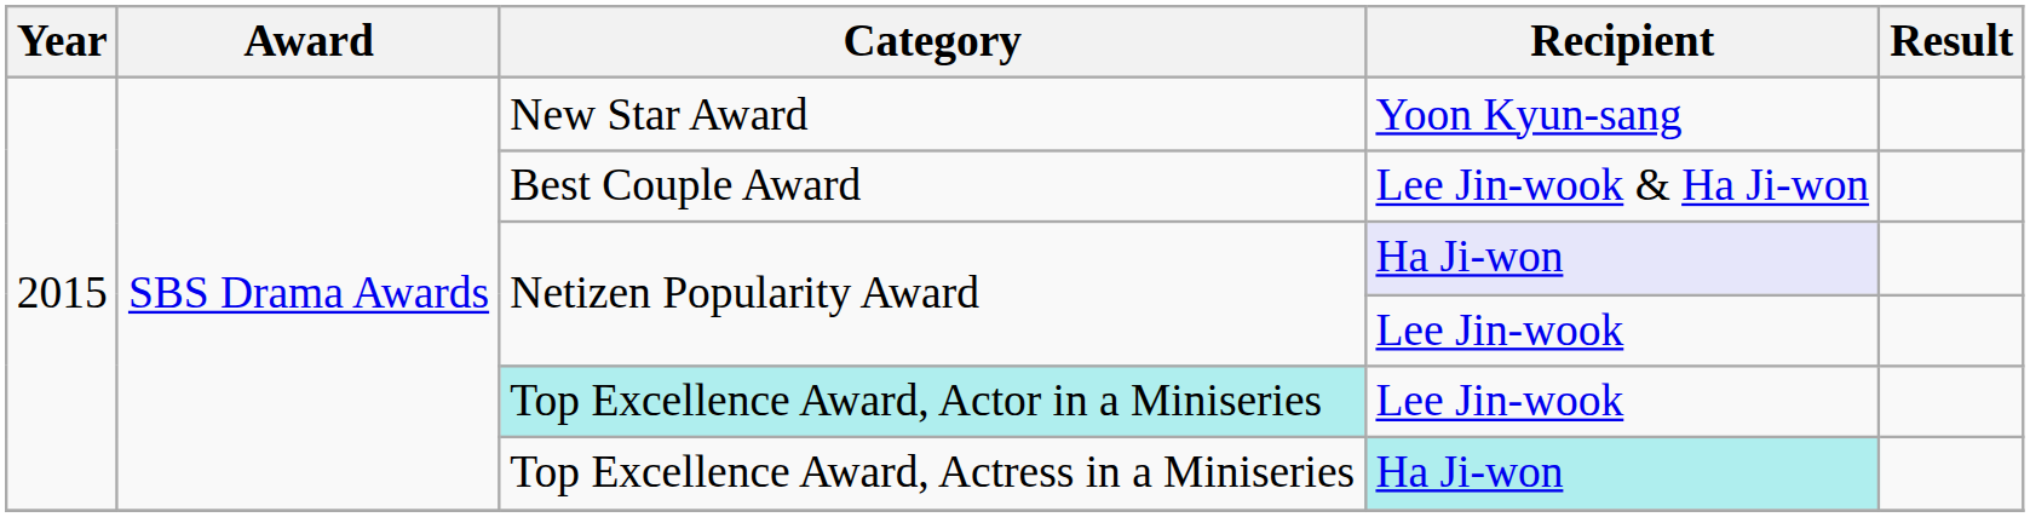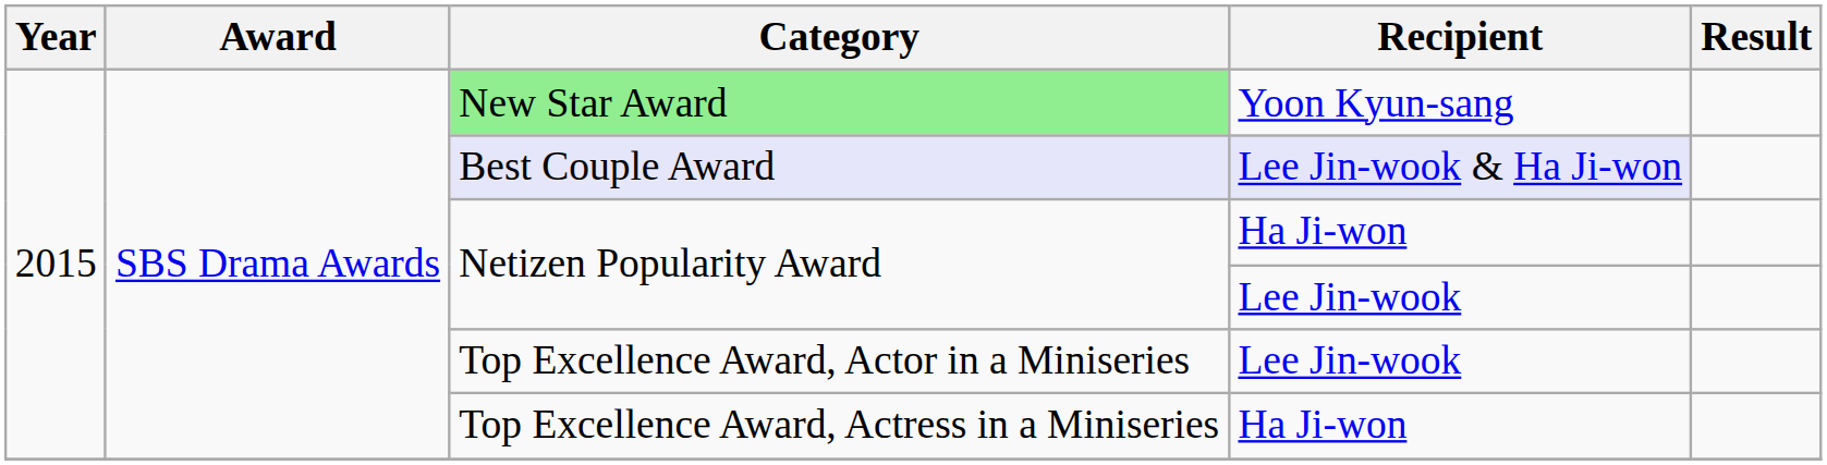 <table class="wikitable">
 <tr>
 <th>Year</th>
 <th>Award</th>
 <th>Category</th>
 <th>Recipient</th>
 <th>Result</th>
 </tr>
 <tr>
 <td rowspan=6>2015</td>
 <td rowspan=6><a href='#'>SBS Drama Awards</a></td>
-<td>New Star Award</td>
+<td style="background: lightgreen;">New Star Award</td>
 <td><a href='#'>Yoon Kyun-sang</a></td>
 <td></td>
 </tr>
 <tr>
-<td>Best Couple Award</td>
-<td><a href='#'>Lee Jin-wook</a> & <a href='#'>Ha Ji-won</a></td>
+<td style="background: lavender;">Best Couple Award</td>
+<td style="background: lavender;"><a href='#'>Lee Jin-wook</a> & <a href='#'>Ha Ji-won</a></td>
 <td></td>
 </tr>
 <tr>
 <td rowspan=2>Netizen Popularity Award</td>
-<td style="background: lavender;"><a href='#'>Ha Ji-won</a></td>
+<td><a href='#'>Ha Ji-won</a></td>
 <td></td>
 </tr>
 <tr>
 <td><a href='#'>Lee Jin-wook</a></td>
 <td></td>
 </tr>
 <tr>
-<td style="background: paleturquoise;">Top Excellence Award, Actor in a Miniseries</td>
+<td>Top Excellence Award, Actor in a Miniseries</td>
 <td><a href='#'>Lee Jin-wook</a></td>
 <td></td>
 </tr>
 <tr>
 <td>Top Excellence Award, Actress in a Miniseries</td>
-<td style="background: paleturquoise;"><a href='#'>Ha Ji-won</a></td>
+<td><a href='#'>Ha Ji-won</a></td>
 <td></td>
 </tr>
 <tr>
 </tr>
 </table>
